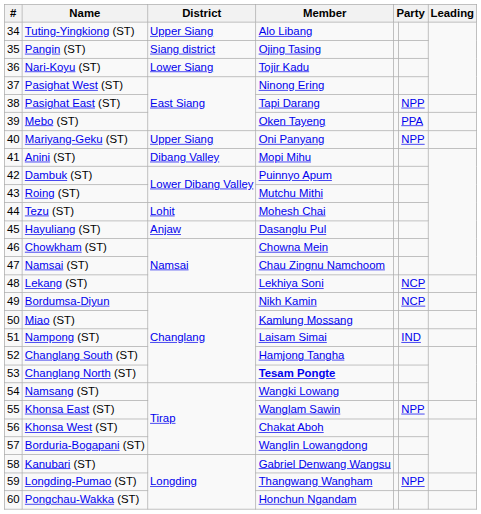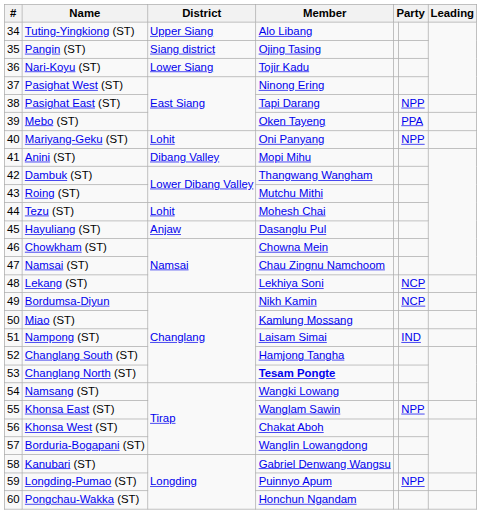 <table class="wikitable sortable collapsible collapsed">
 <tr>
 <th>#</th>
 <th>Name</th>
 <th>District</th>
 <th>Member</th>
 <th colspan="2">Party</th>
 <th colspan=2>Leading<br></th>
 </tr>
 <tr>
 <td>34</td>
 <td><a href='#'>Tuting-Yingkiong</a> (ST)</td>
 <td><a href='#'>Upper Siang</a></td>
 <td><a href='#'>Alo Libang</a></td>
 <td></td>
 <td></td>
 </tr>
 <tr>
 <td>35</td>
 <td><a href='#'>Pangin</a> (ST)</td>
 <td><a href='#'>Siang district</a></td>
 <td><a href='#'>Ojing Tasing</a></td>
 <td></td>
 <td></td>
 </tr>
 <tr>
 <td>36</td>
 <td><a href='#'>Nari-Koyu</a> (ST)</td>
 <td><a href='#'>Lower Siang</a></td>
 <td><a href='#'>Tojir Kadu</a></td>
 <td></td>
 <td></td>
 </tr>
 <tr>
 <td>37</td>
 <td><a href='#'>Pasighat West</a> (ST)</td>
 <td rowspan="3"><a href='#'>East Siang</a></td>
 <td><a href='#'>Ninong Ering</a></td>
 <td></td>
 <td></td>
 </tr>
 <tr>
 <td>38</td>
 <td><a href='#'>Pasighat East</a> (ST)</td>
 <td><a href='#'>Tapi Darang</a></td>
 <td style="background-color: "></td>
 <td><a href='#'>NPP</a></td>
 <td></td>
 </tr>
 <tr>
 <td>39</td>
 <td><a href='#'>Mebo</a> (ST)</td>
 <td><a href='#'>Oken Tayeng</a></td>
 <td style="background-color: "></td>
 <td><a href='#'>PPA</a></td>
 <td></td>
 </tr>
 <tr>
 <td>40</td>
 <td><a href='#'>Mariyang-Geku</a> (ST)</td>
-<td><a href='#'>Upper Siang</a></td>
+<td><a href='#'>Lohit</a></td>
 <td><a href='#'>Oni Panyang</a></td>
 <td style="background-color: "></td>
 <td><a href='#'>NPP</a></td>
 <td></td>
 </tr>
 <tr>
 <td>41</td>
 <td><a href='#'>Anini</a> (ST)</td>
 <td><a href='#'>Dibang Valley</a></td>
 <td><a href='#'>Mopi Mihu</a></td>
 <td></td>
 <td></td>
 </tr>
 <tr>
 <td>42</td>
 <td><a href='#'>Dambuk</a> (ST)</td>
 <td rowspan="2"><a href='#'>Lower Dibang Valley</a></td>
-<td><a href='#'>Puinnyo Apum</a></td>
+<td><a href='#'>Thangwang Wangham</a></td>
 <td></td>
 <td></td>
 </tr>
 <tr>
 <td>43</td>
 <td><a href='#'>Roing</a> (ST)</td>
 <td><a href='#'>Mutchu Mithi</a></td>
 <td></td>
 <td></td>
 </tr>
 <tr>
 <td>44</td>
 <td><a href='#'>Tezu</a> (ST)</td>
 <td><a href='#'>Lohit</a></td>
 <td><a href='#'>Mohesh Chai</a></td>
 <td></td>
 <td></td>
 </tr>
 <tr>
 <td>45</td>
 <td><a href='#'>Hayuliang</a> (ST)</td>
 <td><a href='#'>Anjaw</a></td>
 <td><a href='#'>Dasanglu Pul</a></td>
 <td></td>
 <td></td>
 </tr>
 <tr>
 <td>46</td>
 <td><a href='#'>Chowkham</a> (ST)</td>
 <td rowspan="3"><a href='#'>Namsai</a></td>
 <td><a href='#'>Chowna Mein</a></td>
 <td></td>
 <td></td>
 </tr>
 <tr>
 <td>47</td>
 <td><a href='#'>Namsai</a> (ST)</td>
 <td><a href='#'>Chau Zingnu Namchoom</a></td>
 <td></td>
 <td></td>
 </tr>
 <tr>
 <td>48</td>
 <td><a href='#'>Lekang</a> (ST)</td>
 <td><a href='#'>Lekhiya Soni</a></td>
 <td style="background-color: "></td>
 <td><a href='#'>NCP</a></td>
 <td></td>
 </tr>
 <tr>
 <td>49</td>
 <td><a href='#'>Bordumsa-Diyun</a></td>
 <td rowspan="5"><a href='#'>Changlang</a></td>
 <td><a href='#'>Nikh Kamin</a></td>
 <td style="background-color: "></td>
 <td><a href='#'>NCP</a></td>
 <td></td>
 </tr>
 <tr>
 <td>50</td>
 <td><a href='#'>Miao</a> (ST)</td>
 <td><a href='#'>Kamlung Mossang</a></td>
 <td></td>
 <td></td>
 </tr>
 <tr>
 <td>51</td>
 <td><a href='#'>Nampong</a> (ST)</td>
 <td><a href='#'>Laisam Simai</a></td>
 <td style="background-color: "></td>
 <td><a href='#'>IND</a></td>
 <td></td>
 </tr>
 <tr>
 <td>52</td>
 <td><a href='#'>Changlang South</a> (ST)</td>
 <td><a href='#'>Hamjong Tangha</a></td>
 <td></td>
 <td></td>
 </tr>
 <tr>
 <td>53</td>
 <td><a href='#'>Changlang North</a> (ST)</td>
 <td><strong><a href='#'>Tesam Pongte</a></strong></td>
 <td></td>
 <td></td>
 </tr>
 <tr>
 <td>54</td>
 <td><a href='#'>Namsang</a> (ST)</td>
 <td rowspan="4"><a href='#'>Tirap</a></td>
 <td><a href='#'>Wangki Lowang</a></td>
 <td></td>
 <td></td>
 </tr>
 <tr>
 <td>55</td>
 <td><a href='#'>Khonsa East</a> (ST)</td>
 <td><a href='#'>Wanglam Sawin</a></td>
 <td style="background-color: "></td>
 <td><a href='#'>NPP</a></td>
 <td></td>
 </tr>
 <tr>
 <td>56</td>
 <td><a href='#'>Khonsa West</a> (ST)</td>
 <td><a href='#'>Chakat Aboh</a></td>
 <td></td>
 <td></td>
 </tr>
 <tr>
 <td>57</td>
 <td><a href='#'>Borduria-Bogapani</a> (ST)</td>
 <td><a href='#'>Wanglin Lowangdong</a></td>
 <td></td>
 <td></td>
 </tr>
 <tr>
 <td>58</td>
 <td><a href='#'>Kanubari</a> (ST)</td>
 <td rowspan="3"><a href='#'>Longding</a></td>
 <td><a href='#'>Gabriel Denwang Wangsu</a></td>
 <td></td>
 <td></td>
 </tr>
 <tr>
 <td>59</td>
 <td><a href='#'>Longding-Pumao</a> (ST)</td>
-<td><a href='#'>Thangwang Wangham</a></td>
+<td><a href='#'>Puinnyo Apum</a></td>
 <td style="background-color: "></td>
 <td><a href='#'>NPP</a></td>
 <td></td>
 </tr>
 <tr>
 <td>60</td>
 <td><a href='#'>Pongchau-Wakka</a> (ST)</td>
 <td><a href='#'>Honchun Ngandam</a></td>
 <td></td>
 <td></td>
 </tr>
 </table>
